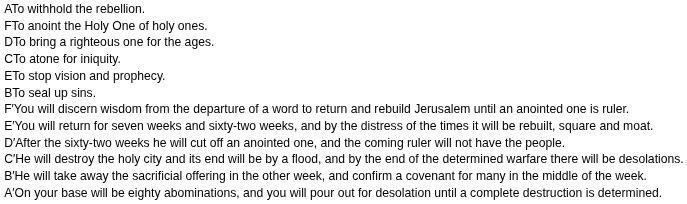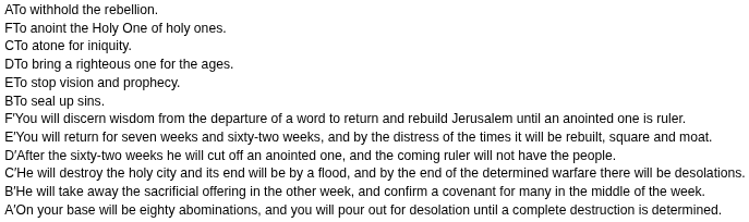 <table align="center">
 <tr>
 <td>ATo withhold the rebellion.</td>
 </tr>
 <tr>
 <td>FTo anoint the Holy One of holy ones.</td>
 </tr>
 <tr>
-<td>DTo bring a righteous one for the ages.</td>
+<td>CTo atone for iniquity.</td>
 </tr>
 <tr>
-<td>CTo atone for iniquity.</td>
+<td>DTo bring a righteous one for the ages.</td>
 </tr>
 <tr>
 <td>ETo stop vision and prophecy.</td>
 </tr>
 <tr>
 <td>BTo seal up sins.</td>
 </tr>
 <tr>
 <td>F′You will discern wisdom from the departure of a word to return and rebuild Jerusalem until an anointed one is ruler.</td>
 </tr>
 <tr>
 <td>E′You will return for seven weeks and sixty-two weeks, and by the distress of the times it will be rebuilt, square and moat.</td>
 </tr>
 <tr>
 <td>D′After the sixty-two weeks he will cut off an anointed one, and the coming ruler will not have the people.</td>
 </tr>
 <tr>
 <td>C′He will destroy the holy city and its end will be by a flood, and by the end of the determined warfare there will be desolations.</td>
 </tr>
 <tr>
 <td>B′He will take away the sacrificial offering in the other week, and confirm a covenant for many in the middle of the week.</td>
 </tr>
 <tr>
 <td>A′On your base will be eighty abominations, and you will pour out for desolation until a complete destruction is determined.</td>
 </tr>
 </table>
